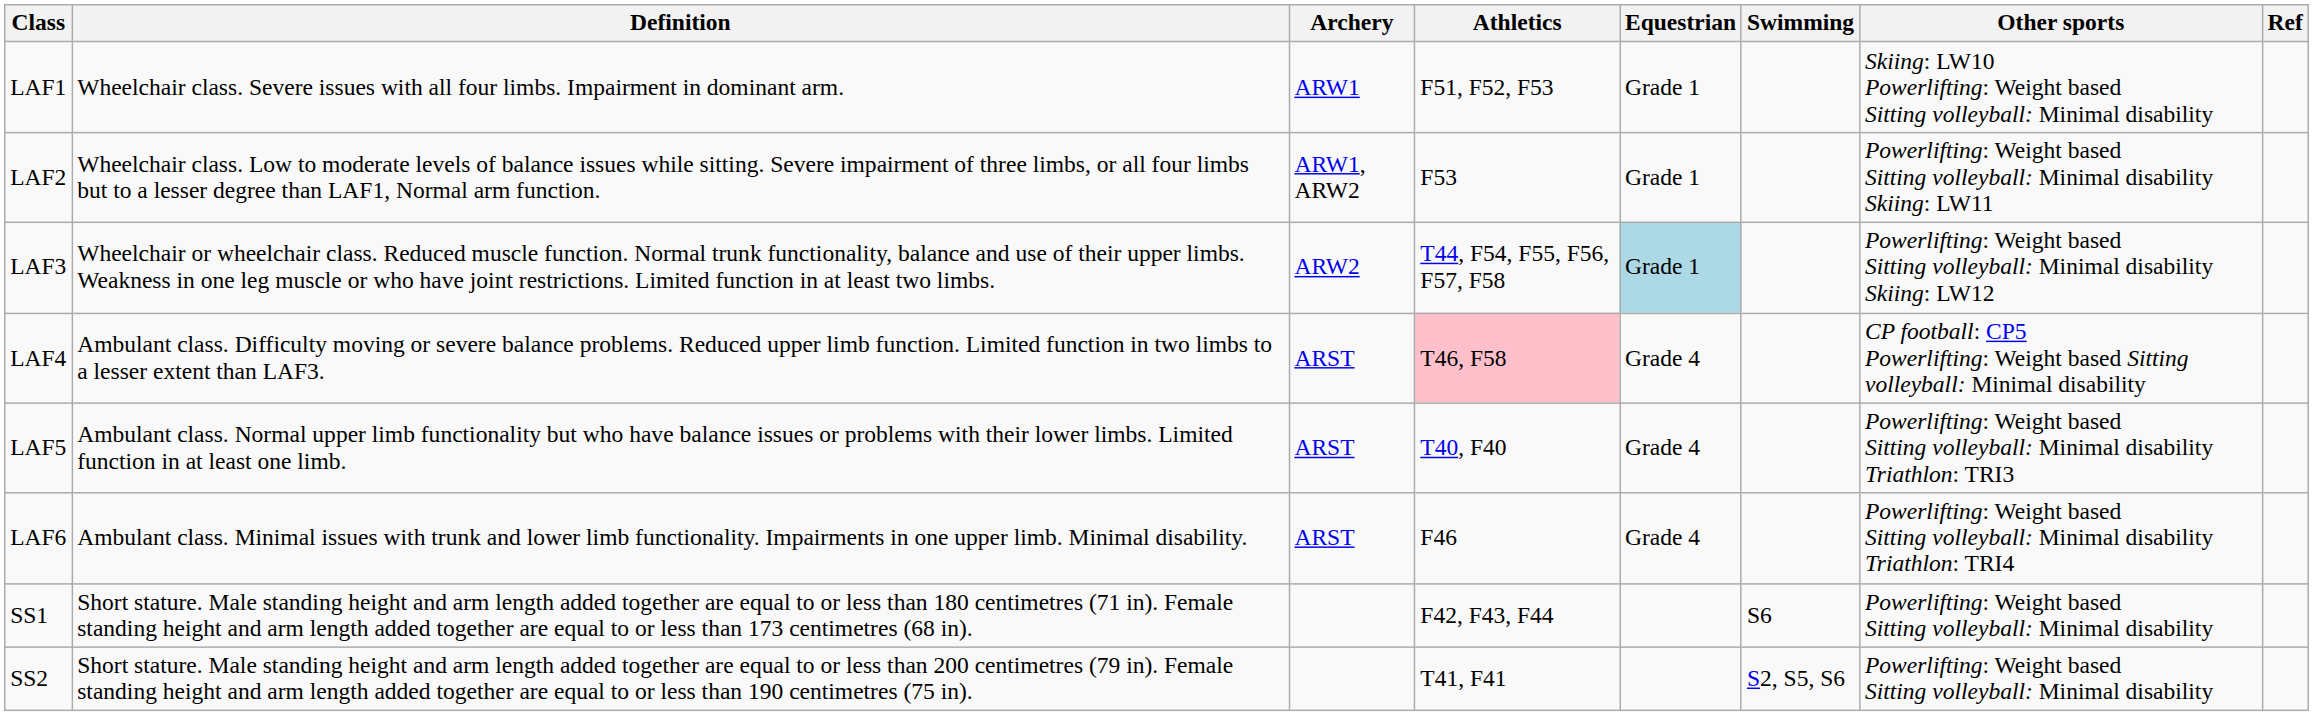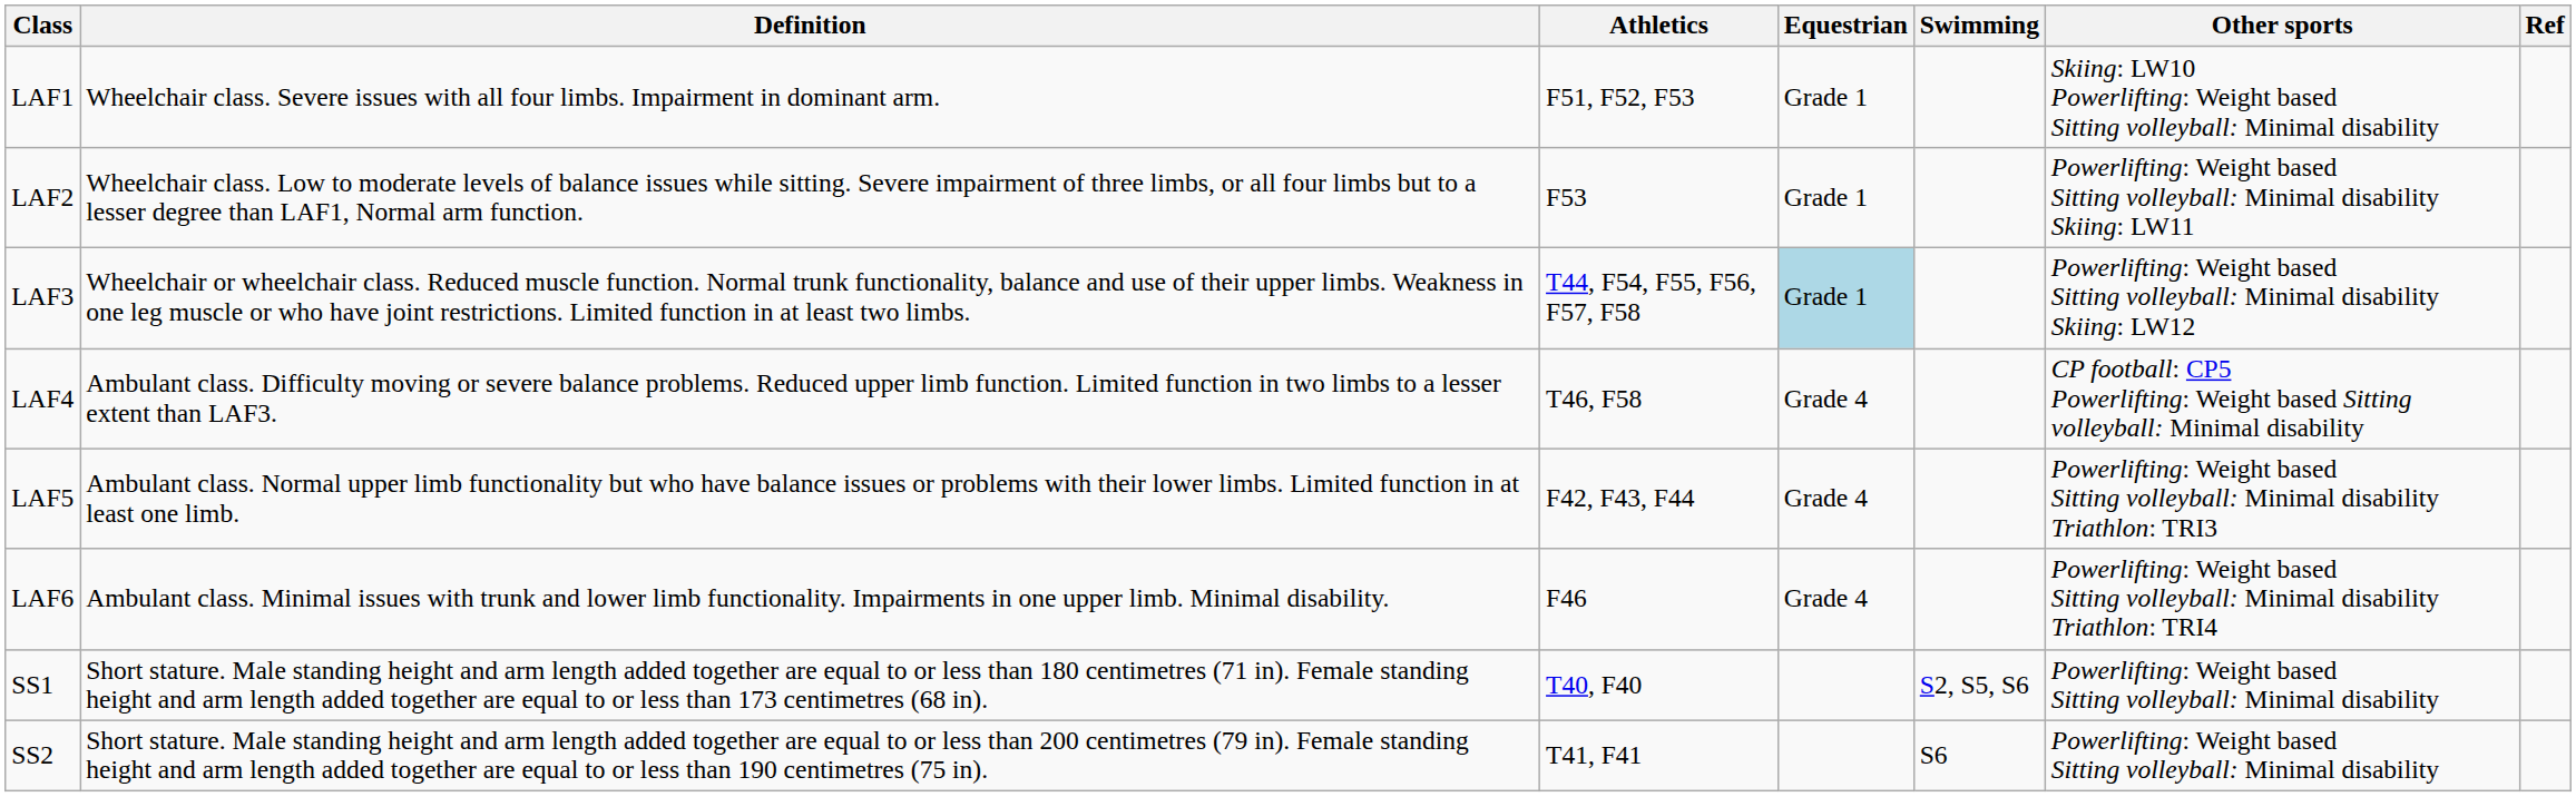 <table class="wikitable">
 <tr>
 <th>Class</th>
 <th>Definition</th>
-<th>Archery</th>
 <th>Athletics</th>
 <th>Equestrian</th>
 <th>Swimming</th>
 <th>Other sports</th>
 <th>Ref</th>
 </tr>
 <tr>
 <td>LAF1</td>
 <td>Wheelchair class. Severe issues with all four limbs. Impairment in dominant arm.</td>
-<td><a href='#'>ARW1</a></td>
 <td>F51, F52, F53</td>
 <td>Grade 1</td>
 <td></td>
 <td><em>Skiing</em>: LW10<br><em>Powerlifting</em>: Weight based<br><em>Sitting volleyball:</em> Minimal disability</td>
 <td><br></td>
 </tr>
 <tr>
 <td>LAF2</td>
 <td>Wheelchair class.  Low to moderate levels of balance issues while sitting. Severe impairment of three limbs, or all four limbs but to a lesser degree than LAF1, Normal arm function.</td>
-<td><a href='#'>ARW1</a>, ARW2</td>
 <td>F53</td>
 <td>Grade 1</td>
 <td></td>
 <td><em>Powerlifting</em>: Weight based<br><em>Sitting volleyball:</em> Minimal disability<br><em>Skiing</em>: LW11</td>
 <td></td>
 </tr>
 <tr>
 <td>LAF3</td>
 <td>Wheelchair or wheelchair class. Reduced muscle function. Normal trunk functionality, balance and use of their upper limbs. Weakness in one leg muscle or who have joint restrictions. Limited function in at least two limbs.</td>
-<td><a href='#'>ARW2</a></td>
 <td><a href='#'>T44</a>, F54, F55, F56, F57, F58</td>
 <td style="background: lightblue;">Grade 1</td>
 <td></td>
 <td><em>Powerlifting</em>: Weight based<br><em>Sitting volleyball:</em> Minimal disability<br><em>Skiing</em>: LW12</td>
 <td></td>
 </tr>
 <tr>
 <td>LAF4</td>
 <td>Ambulant class. Difficulty moving or severe balance problems.  Reduced upper limb function. Limited function in two limbs to a lesser extent than LAF3.</td>
-<td><a href='#'>ARST</a></td>
-<td style="background: pink;">T46, F58</td>
+<td>T46, F58</td>
 <td>Grade 4</td>
 <td></td>
 <td><em>CP football</em>: <a href='#'>CP5</a><br><em>Powerlifting</em>: Weight based <em>Sitting volleyball:</em> Minimal disability</td>
 <td></td>
 </tr>
 <tr>
 <td>LAF5</td>
 <td>Ambulant class. Normal upper limb functionality but who have balance issues or problems with their lower limbs. Limited function in at least one limb.</td>
-<td><a href='#'>ARST</a></td>
-<td><a href='#'>T40</a>, F40</td>
+<td>F42, F43, F44</td>
 <td>Grade 4</td>
 <td></td>
 <td><em>Powerlifting</em>: Weight based<br><em>Sitting volleyball:</em> Minimal disability<br><em>Triathlon</em>: TRI3</td>
 <td></td>
 </tr>
 <tr>
 <td>LAF6</td>
 <td>Ambulant class.  Minimal issues with trunk and lower limb functionality. Impairments in one upper limb. Minimal disability.</td>
-<td><a href='#'>ARST</a></td>
 <td>F46</td>
 <td>Grade 4</td>
 <td></td>
 <td><em>Powerlifting</em>: Weight based<br><em>Sitting volleyball:</em> Minimal disability<br><em>Triathlon</em>: TRI4</td>
 <td></td>
 </tr>
 <tr>
 <td>SS1</td>
 <td>Short stature. Male standing height and arm length added together are equal to or less than 180 centimetres (71 in). Female standing height and arm length added together are equal to or less than 173 centimetres (68 in).</td>
+<td><a href='#'>T40</a>, F40</td>
 <td></td>
-<td>F42, F43, F44</td>
-<td></td>
-<td>S6</td>
+<td><a href='#'>S</a>2, S5, S6</td>
 <td><em>Powerlifting</em>: Weight based<br><em>Sitting volleyball:</em> Minimal disability</td>
 <td><br><br></td>
 </tr>
 <tr>
 <td>SS2</td>
 <td>Short stature. Male standing height and arm length added together are equal to or less than  200 centimetres (79 in). Female standing height and arm length added together are equal to or less than  190 centimetres (75 in).</td>
-<td></td>
 <td>T41, F41</td>
 <td></td>
-<td><a href='#'>S</a>2, S5, S6</td>
+<td>S6</td>
 <td><em>Powerlifting</em>: Weight based<br><em>Sitting volleyball:</em> Minimal disability</td>
 <td></td>
 </tr>
 </table>
